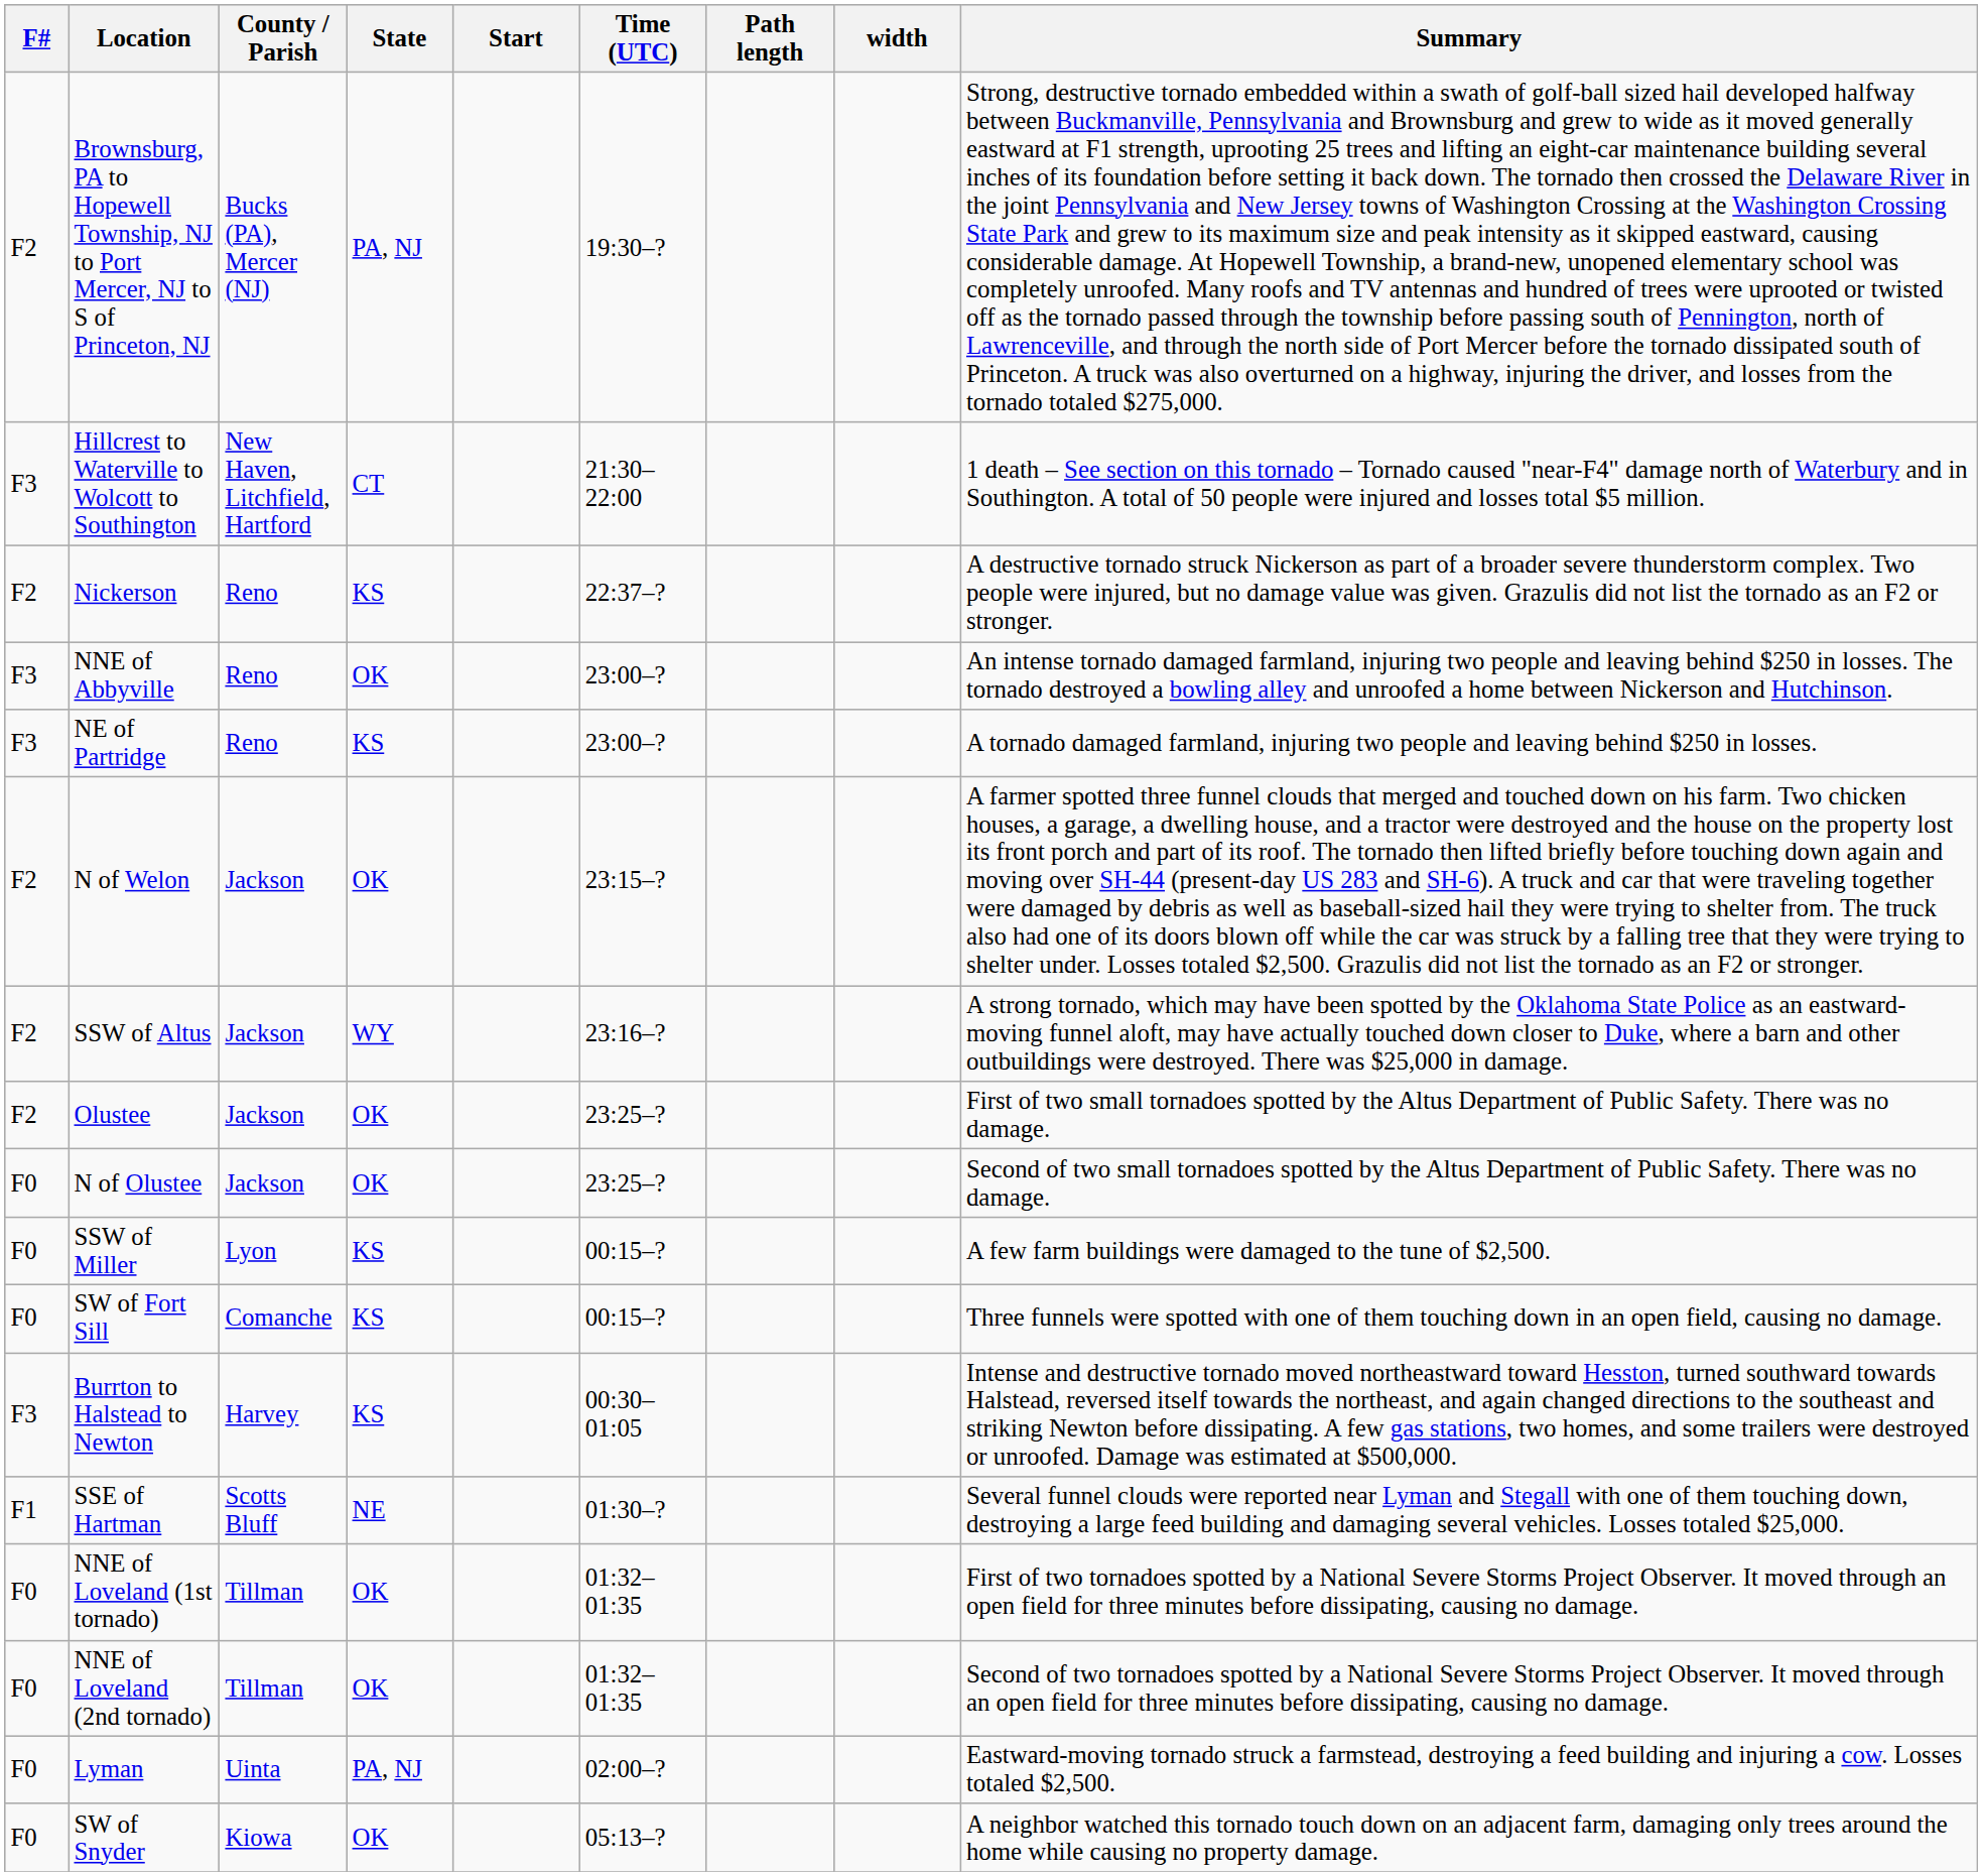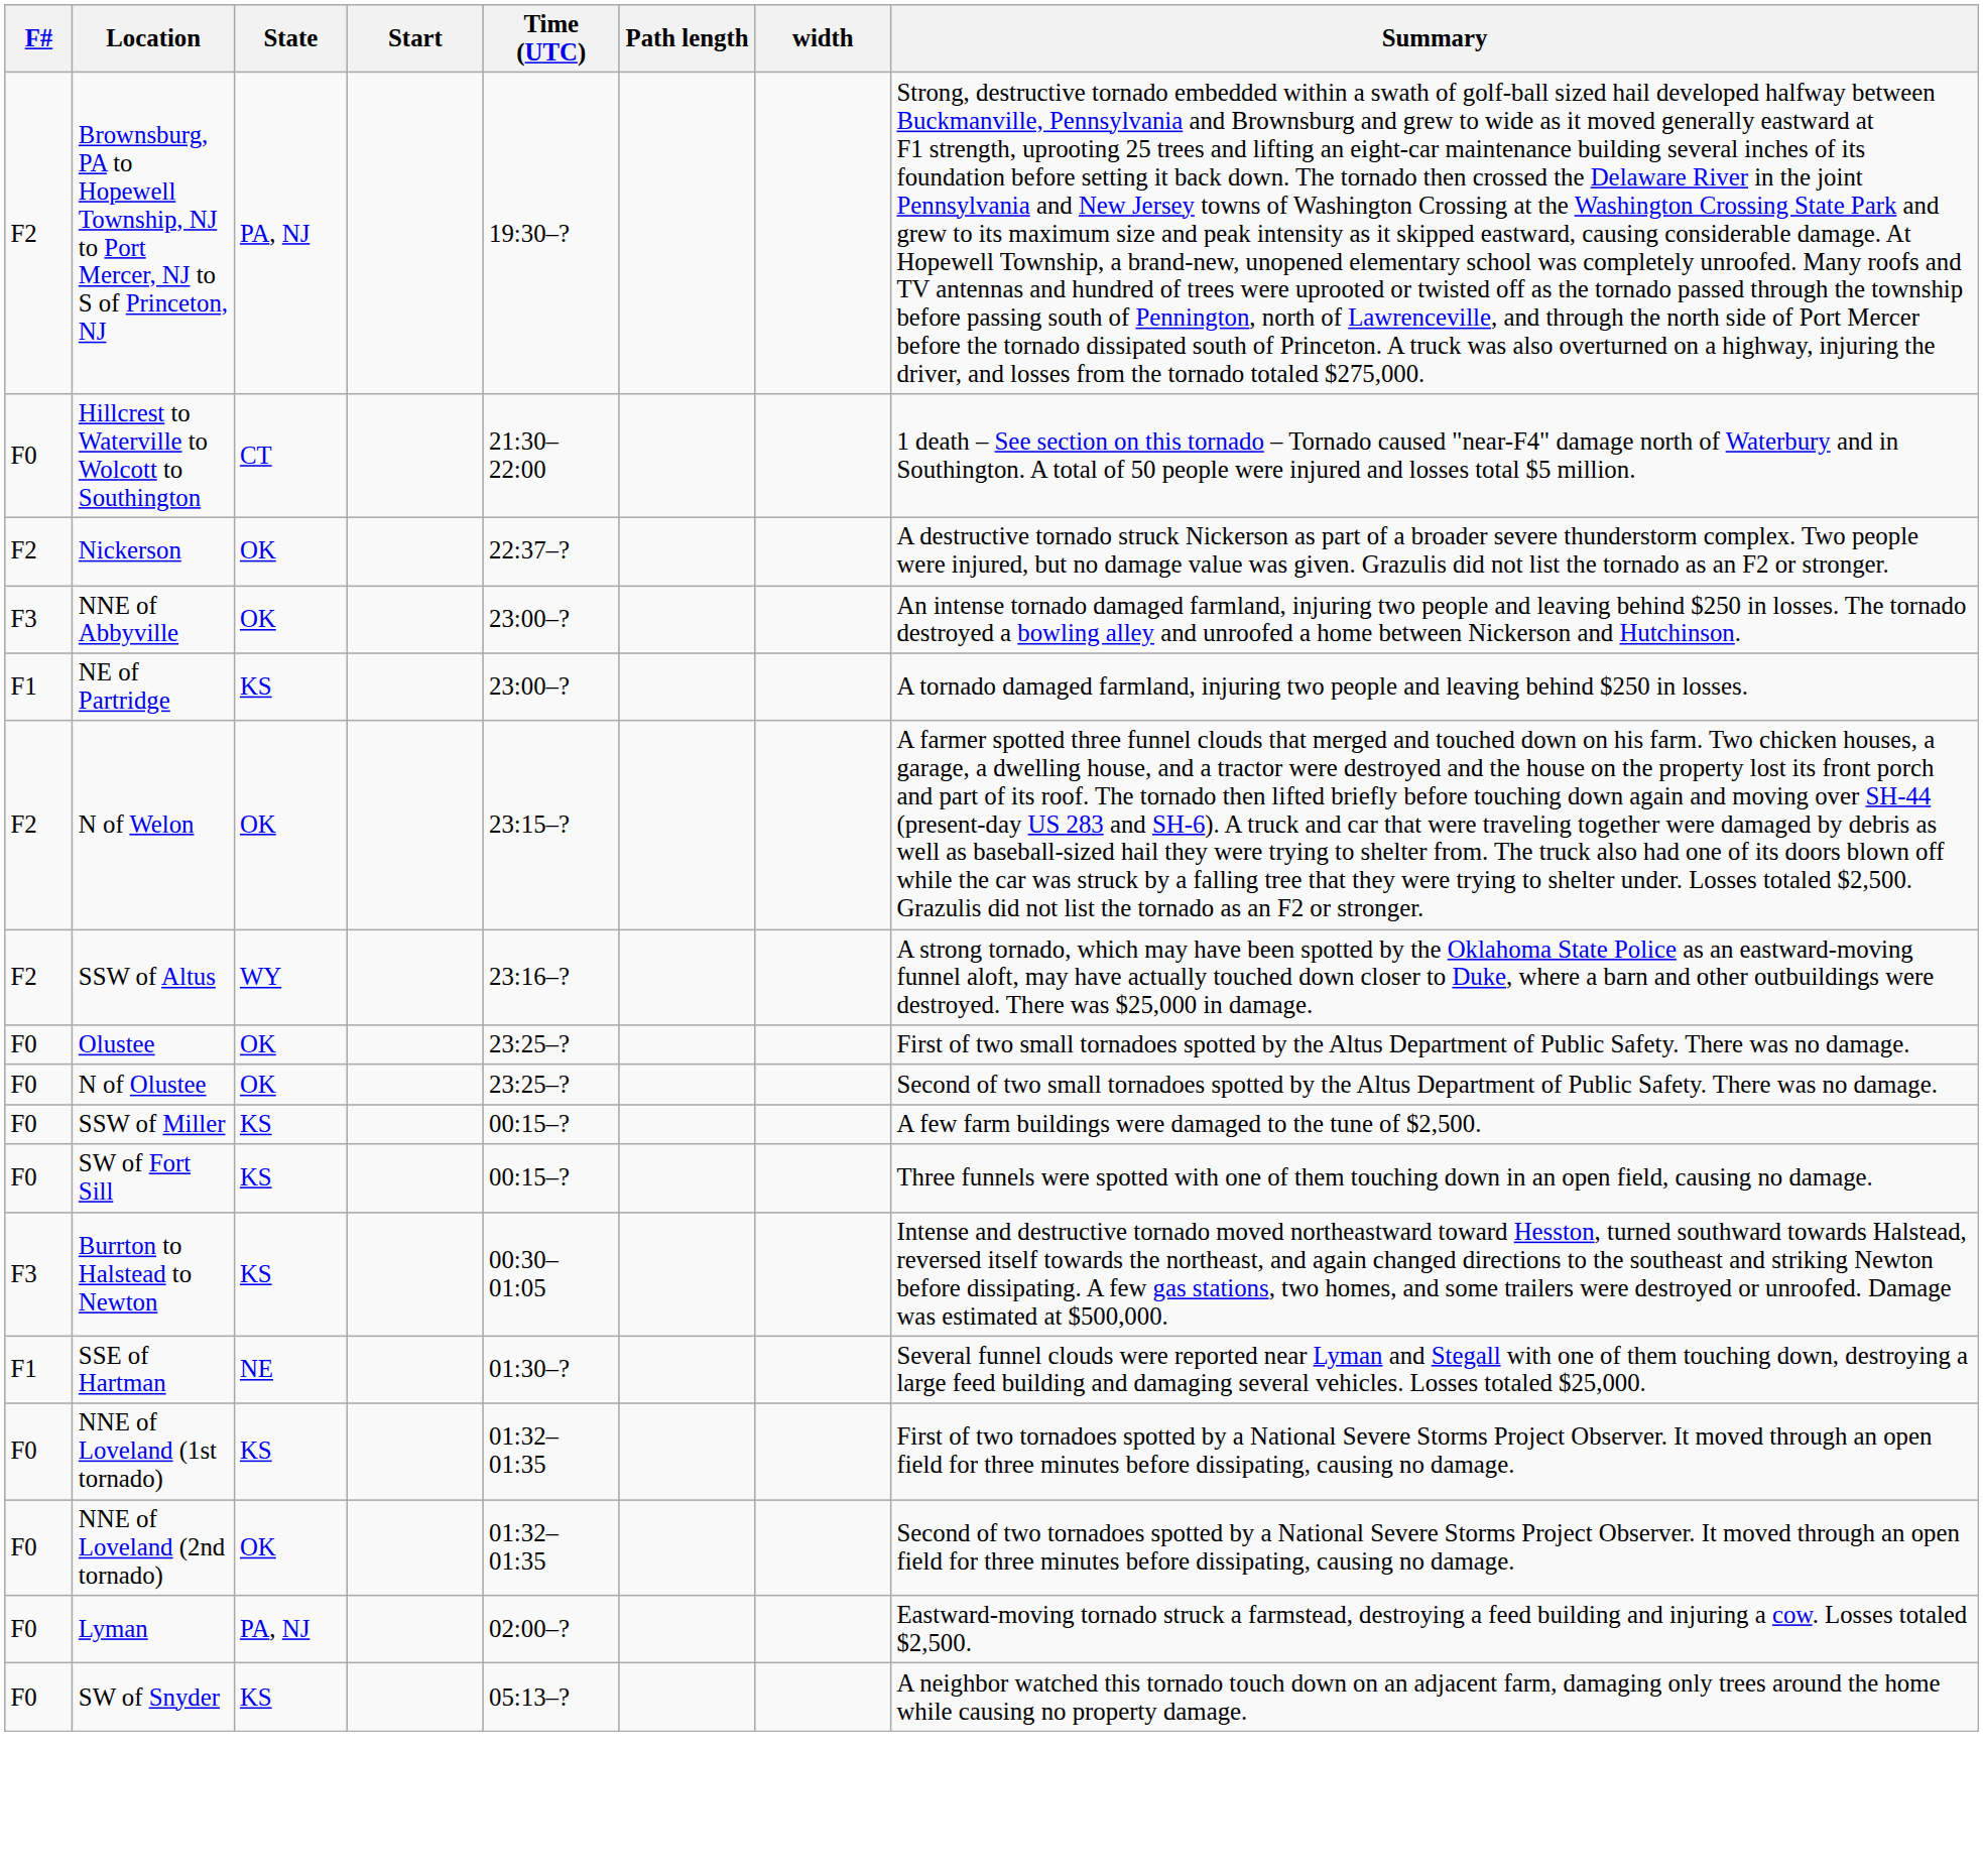 <table class="wikitable sortable" style="width:100%;">
 <tr>
 <th scope="col"  style="width:3%; text-align:center;"><a href='#'>F#</a></th>
 <th scope="col"  style="width:7%; text-align:center;" class="unsortable">Location</th>
-<th scope="col"  style="width:6%; text-align:center;" class="unsortable">County / Parish</th>
 <th scope="col"  style="width:5%; text-align:center;">State</th>
 <th scope="col"  style="width:6%; text-align:center;">Start<br></th>
 <th scope="col"  style="width:6%; text-align:center;">Time (<a href='#'>UTC</a>)</th>
 <th scope="col"  style="width:6%; text-align:center;">Path length</th>
 <th scope="col"  style="width:6%; text-align:center;"> width</th>
 <th scope="col" class="unsortable" style="width:48%; text-align:center;">Summary</th>
 </tr>
 <tr>
 <td>F2</td>
 <td><a href='#'>Brownsburg, PA</a> to <a href='#'>Hopewell Township, NJ</a> to <a href='#'>Port Mercer, NJ</a> to S of <a href='#'>Princeton, NJ</a></td>
-<td><a href='#'>Bucks (PA)</a>, <a href='#'>Mercer (NJ)</a></td>
 <td><a href='#'>PA</a>, <a href='#'>NJ</a></td>
 <td></td>
 <td>19:30–?</td>
 <td></td>
 <td></td>
 <td>Strong, destructive tornado embedded within a swath of golf-ball sized hail developed halfway between <a href='#'>Buckmanville, Pennsylvania</a> and Brownsburg and grew to  wide as it moved generally eastward at F1 strength, uprooting 25 trees and lifting an eight-car maintenance building several inches of its foundation before setting it back down. The tornado then crossed the <a href='#'>Delaware River</a> in the joint <a href='#'>Pennsylvania</a> and <a href='#'>New Jersey</a> towns of Washington Crossing at the <a href='#'>Washington Crossing State Park</a> and grew to its maximum size and peak intensity as it skipped eastward, causing considerable damage. At Hopewell Township, a brand-new, unopened elementary school was completely unroofed. Many roofs and TV antennas and hundred of trees were uprooted or twisted off as the tornado passed through the township before passing south of <a href='#'>Pennington</a>, north of <a href='#'>Lawrenceville</a>, and through the north side of Port Mercer before the tornado dissipated south of Princeton. A truck was also overturned on a highway, injuring the driver, and losses from the tornado totaled $275,000.</td>
 </tr>
 <tr>
-<td>F3</td>
+<td>F0</td>
 <td><a href='#'>Hillcrest</a> to <a href='#'>Waterville</a> to <a href='#'>Wolcott</a> to <a href='#'>Southington</a></td>
-<td><a href='#'>New Haven</a>, <a href='#'>Litchfield</a>, <a href='#'>Hartford</a></td>
 <td><a href='#'>CT</a></td>
 <td></td>
 <td>21:30–22:00</td>
 <td></td>
 <td></td>
 <td>1 death – <a href='#'>See section on this tornado</a> – Tornado caused "near-F4" damage north of <a href='#'>Waterbury</a> and in Southington. A total of 50 people were injured and losses total $5 million.</td>
 </tr>
 <tr>
 <td>F2</td>
 <td><a href='#'>Nickerson</a></td>
-<td><a href='#'>Reno</a></td>
-<td><a href='#'>KS</a></td>
+<td><a href='#'>OK</a></td>
 <td></td>
 <td>22:37–?</td>
 <td></td>
 <td></td>
 <td>A destructive tornado struck Nickerson as part of a broader severe thunderstorm complex. Two people were injured, but no damage value was given. Grazulis did not list the tornado as an F2 or stronger.</td>
 </tr>
 <tr>
 <td>F3</td>
 <td>NNE of <a href='#'>Abbyville</a></td>
-<td><a href='#'>Reno</a></td>
 <td><a href='#'>OK</a></td>
 <td></td>
 <td>23:00–?</td>
 <td></td>
 <td></td>
 <td>An intense tornado damaged farmland, injuring two people and leaving behind $250 in losses. The tornado destroyed a <a href='#'>bowling alley</a> and unroofed a home between Nickerson and <a href='#'>Hutchinson</a>.</td>
 </tr>
 <tr>
-<td>F3</td>
+<td>F1</td>
 <td>NE of <a href='#'>Partridge</a></td>
-<td><a href='#'>Reno</a></td>
 <td><a href='#'>KS</a></td>
 <td></td>
 <td>23:00–?</td>
 <td></td>
 <td></td>
 <td>A tornado damaged farmland, injuring two people and leaving behind $250 in losses.</td>
 </tr>
 <tr>
 <td>F2</td>
 <td>N of <a href='#'>Welon</a></td>
-<td><a href='#'>Jackson</a></td>
 <td><a href='#'>OK</a></td>
 <td></td>
 <td>23:15–?</td>
 <td></td>
 <td></td>
 <td>A farmer spotted three funnel clouds that merged and touched down on his farm. Two chicken houses, a garage, a dwelling house, and a tractor were destroyed and the house on the property lost its front porch and part of its roof. The tornado then lifted briefly before touching down again and moving over <a href='#'>SH-44</a> (present-day <a href='#'>US 283</a> and <a href='#'>SH-6</a>). A truck and car that were traveling together were damaged by debris as well as baseball-sized hail they were trying to shelter from. The truck also had one of its doors blown off while the car was struck by a falling tree that they were trying to shelter under. Losses totaled $2,500. Grazulis did not list the tornado as an F2 or stronger.</td>
 </tr>
 <tr>
 <td>F2</td>
 <td>SSW of <a href='#'>Altus</a></td>
-<td><a href='#'>Jackson</a></td>
 <td><a href='#'>WY</a></td>
 <td></td>
 <td>23:16–?</td>
 <td></td>
 <td></td>
 <td>A strong tornado, which may have been spotted by the <a href='#'>Oklahoma State Police</a> as an eastward-moving funnel aloft, may have actually touched down closer to <a href='#'>Duke</a>, where a barn and other outbuildings were destroyed. There was $25,000 in damage.</td>
 </tr>
 <tr>
-<td>F2</td>
+<td>F0</td>
 <td><a href='#'>Olustee</a></td>
-<td><a href='#'>Jackson</a></td>
 <td><a href='#'>OK</a></td>
 <td></td>
 <td>23:25–?</td>
 <td></td>
 <td></td>
 <td>First of two small tornadoes spotted by the Altus Department of Public Safety. There was no damage.</td>
 </tr>
 <tr>
 <td>F0</td>
 <td>N of <a href='#'>Olustee</a></td>
-<td><a href='#'>Jackson</a></td>
 <td><a href='#'>OK</a></td>
 <td></td>
 <td>23:25–?</td>
 <td></td>
 <td></td>
 <td>Second of two small tornadoes spotted by the Altus Department of Public Safety. There was no damage.</td>
 </tr>
 <tr>
 <td>F0</td>
 <td>SSW of <a href='#'>Miller</a></td>
-<td><a href='#'>Lyon</a></td>
 <td><a href='#'>KS</a></td>
 <td></td>
 <td>00:15–?</td>
 <td></td>
 <td></td>
 <td>A few farm buildings were damaged to the tune of $2,500.</td>
 </tr>
 <tr>
 <td>F0</td>
 <td>SW of <a href='#'>Fort Sill</a></td>
-<td><a href='#'>Comanche</a></td>
 <td><a href='#'>KS</a></td>
 <td></td>
 <td>00:15–?</td>
 <td></td>
 <td></td>
 <td>Three funnels were spotted with one of them touching down in an open field, causing no damage.</td>
 </tr>
 <tr>
 <td>F3</td>
 <td><a href='#'>Burrton</a> to <a href='#'>Halstead</a> to <a href='#'>Newton</a></td>
-<td><a href='#'>Harvey</a></td>
 <td><a href='#'>KS</a></td>
 <td></td>
 <td>00:30–01:05</td>
 <td></td>
 <td></td>
 <td>Intense and destructive tornado moved northeastward toward <a href='#'>Hesston</a>, turned southward towards Halstead, reversed itself towards the northeast, and again changed directions to the southeast and striking Newton before dissipating. A few <a href='#'>gas stations</a>, two homes, and some trailers were destroyed or unroofed. Damage was estimated at $500,000.</td>
 </tr>
 <tr>
 <td>F1</td>
 <td>SSE of <a href='#'>Hartman</a></td>
-<td><a href='#'>Scotts Bluff</a></td>
 <td><a href='#'>NE</a></td>
 <td></td>
 <td>01:30–?</td>
 <td></td>
 <td></td>
 <td>Several funnel clouds were reported near <a href='#'>Lyman</a> and <a href='#'>Stegall</a> with one of them touching down, destroying a large feed building and damaging several vehicles. Losses totaled $25,000.</td>
 </tr>
 <tr>
 <td>F0</td>
 <td>NNE of <a href='#'>Loveland</a> (1st tornado)</td>
-<td><a href='#'>Tillman</a></td>
-<td><a href='#'>OK</a></td>
+<td><a href='#'>KS</a></td>
 <td></td>
 <td>01:32–01:35</td>
 <td></td>
 <td></td>
 <td>First of two tornadoes spotted by a National Severe Storms Project Observer. It moved through an open field for three minutes before dissipating, causing no damage.</td>
 </tr>
 <tr>
 <td>F0</td>
 <td>NNE of <a href='#'>Loveland</a> (2nd tornado)</td>
-<td><a href='#'>Tillman</a></td>
 <td><a href='#'>OK</a></td>
 <td></td>
 <td>01:32–01:35</td>
 <td></td>
 <td></td>
 <td>Second of two tornadoes spotted by a National Severe Storms Project Observer. It moved through an open field for three minutes before dissipating, causing no damage.</td>
 </tr>
 <tr>
 <td>F0</td>
 <td><a href='#'>Lyman</a></td>
-<td><a href='#'>Uinta</a></td>
 <td><a href='#'>PA</a>, <a href='#'>NJ</a></td>
 <td></td>
 <td>02:00–?</td>
 <td></td>
 <td></td>
 <td>Eastward-moving tornado struck a farmstead, destroying a feed building and injuring a <a href='#'>cow</a>. Losses totaled $2,500.</td>
 </tr>
 <tr>
 <td>F0</td>
 <td>SW of <a href='#'>Snyder</a></td>
-<td><a href='#'>Kiowa</a></td>
-<td><a href='#'>OK</a></td>
+<td><a href='#'>KS</a></td>
 <td></td>
 <td>05:13–?</td>
 <td></td>
 <td></td>
 <td>A neighbor watched this tornado touch down on an adjacent farm, damaging only trees around the home while causing no property damage.</td>
 </tr>
 </table>
